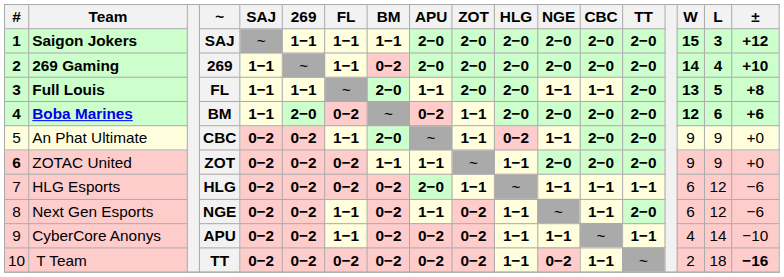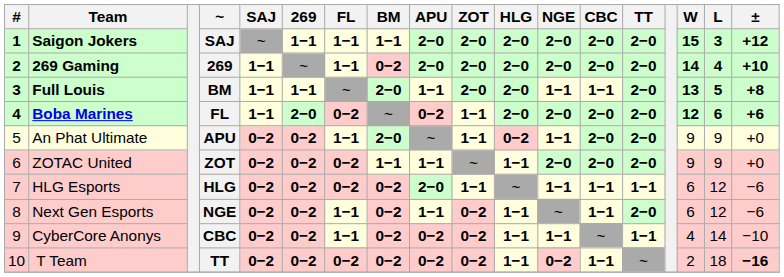 <table class="wikitable" style="font-size: 95%; text-align: center">
 <tr>
 <th style="width:15px;">#</th>
 <th style="width:150px;">Team</th>
 <th rowspan="11" style="width:5px;;"></th>
 <th>~</th>
 <th style="width:35px;" title="">SAJ</th>
 <th style="width:35px;" title="">269</th>
 <th style="width:35px;" title="">FL</th>
 <th style="width:35px;" title="">BM</th>
 <th style="width:35px;" title="">APU</th>
 <th style="width:35px;" title="">ZOT</th>
 <th style="width:35px;" title="">HLG</th>
 <th style="width:35px;" title="">NGE</th>
 <th style="width:35px;" title="">CBC</th>
 <th style="width:35px;" title="">TT</th>
 <th rowspan="11" style="width:5px;;"></th>
 <th style="width:20px;" title="Wins">W</th>
 <th style="width:20px;" title="Losses">L</th>
 <th style="width:40px;">±</th>
 </tr>
 <tr style="background:#cfc;">
 <td><strong>1</strong></td>
 <td style="text-align: left"><strong>Saigon Jokers</strong></td>
 <th>SAJ</th>
 <td style="background:#aaa;">~</td>
 <td style="background:#ffd;"><strong>1−1</strong></td>
 <td style="background:#ffd;"><strong>1−1</strong></td>
 <td style="background:#ffd;"><strong>1−1</strong></td>
 <td style="background:#cfc;"><strong>2−0</strong></td>
 <td style="background:#cfc;"><strong>2−0</strong></td>
 <td style="background:#cfc;"><strong>2−0</strong></td>
 <td style="background:#cfc;"><strong>2−0</strong></td>
 <td style="background:#cfc;"><strong>2−0</strong></td>
 <td style="background:#cfc;"><strong>2−0</strong></td>
 <td><strong>15</strong></td>
 <td><strong>3</strong></td>
 <td><strong>+12</strong></td>
 </tr>
 <tr style="background:#cfc;">
 <td><strong>2</strong></td>
 <td style="text-align: left"><strong>269 Gaming</strong></td>
 <th>269</th>
 <td style="background:#ffd;"><strong>1−1</strong></td>
 <td style="background:#aaa;">~</td>
 <td style="background:#ffd;"><strong>1−1</strong></td>
 <td style="background:#fcc;"><strong>0−2</strong></td>
 <td style="background:#cfc;"><strong>2−0</strong></td>
 <td style="background:#cfc;"><strong>2−0</strong></td>
 <td style="background:#cfc;"><strong>2−0</strong></td>
 <td style="background:#cfc;"><strong>2−0</strong></td>
 <td style="background:#cfc;"><strong>2−0</strong></td>
 <td style="background:#cfc;"><strong>2−0</strong></td>
 <td><strong>14</strong></td>
 <td><strong>4</strong></td>
 <td><strong>+10</strong></td>
 </tr>
 <tr style="background:#cfc;">
 <td><strong>3</strong></td>
 <td style="text-align: left"><strong>Full Louis</strong></td>
-<th>FL</th>
+<th>BM</th>
 <td style="background:#ffd;"><strong>1−1</strong></td>
 <td style="background:#ffd;"><strong>1−1</strong></td>
 <td style="background:#aaa;">~</td>
 <td style="background:#cfc;"><strong>2−0</strong></td>
 <td style="background:#ffd;"><strong>1−1</strong></td>
 <td style="background:#cfc;"><strong>2−0</strong></td>
 <td style="background:#cfc;"><strong>2−0</strong></td>
 <td style="background:#ffd;"><strong>1−1</strong></td>
 <td style="background:#ffd;"><strong>1−1</strong></td>
 <td style="background:#cfc;"><strong>2−0</strong></td>
 <td><strong>13</strong></td>
 <td><strong>5</strong></td>
 <td><strong>+8</strong></td>
 </tr>
 <tr style="background:#cfc;">
 <td><strong>4</strong></td>
 <td style="text-align: left"><strong><a href='#'>Boba Marines</a></strong></td>
-<th>BM</th>
+<th>FL</th>
 <td style="background:#ffd;"><strong>1−1</strong></td>
 <td style="background:#cfc;"><strong>2−0</strong></td>
 <td style="background:#fcc;"><strong>0−2</strong></td>
 <td style="background:#aaa;">~</td>
 <td style="background:#fcc;"><strong>0−2</strong></td>
 <td style="background:#ffd;"><strong>1−1</strong></td>
 <td style="background:#cfc;"><strong>2−0</strong></td>
 <td style="background:#cfc;"><strong>2−0</strong></td>
 <td style="background:#cfc;"><strong>2−0</strong></td>
 <td style="background:#cfc;"><strong>2−0</strong></td>
 <td><strong>12</strong></td>
 <td><strong>6</strong></td>
 <td><strong>+6</strong></td>
 </tr>
 <tr style="background:#ffd;">
 <td>5</td>
 <td style="text-align: left">An Phat Ultimate</td>
-<th>CBC</th>
+<th>APU</th>
 <td style="background:#fcc;"><strong>0−2</strong></td>
 <td style="background:#fcc;"><strong>0−2</strong></td>
 <td style="background:#ffd;"><strong>1−1</strong></td>
 <td style="background:#cfc;"><strong>2−0</strong></td>
 <td style="background:#aaa;">~</td>
 <td style="background:#ffd;"><strong>1−1</strong></td>
 <td style="background:#fcc;"><strong>0−2</strong></td>
 <td style="background:#ffd;"><strong>1−1</strong></td>
 <td style="background:#cfc;"><strong>2−0</strong></td>
 <td style="background:#cfc;"><strong>2−0</strong></td>
 <td>9</td>
 <td>9</td>
 <td>+0</td>
 </tr>
 <tr style="background:#fcc;">
-<td><strong>6</strong></td>
+<td>6</td>
 <td style="text-align: left">ZOTAC United</td>
 <th>ZOT</th>
 <td style="background:#fcc;"><strong>0−2</strong></td>
 <td style="background:#fcc;"><strong>0−2</strong></td>
 <td style="background:#fcc;"><strong>0−2</strong></td>
 <td style="background:#ffd;"><strong>1−1</strong></td>
 <td style="background:#ffd;"><strong>1−1</strong></td>
 <td style="background:#aaa;">~</td>
 <td style="background:#ffd;"><strong>1−1</strong></td>
 <td style="background:#cfc;"><strong>2−0</strong></td>
 <td style="background:#cfc;"><strong>2−0</strong></td>
 <td style="background:#cfc;"><strong>2−0</strong></td>
 <td>9</td>
 <td>9</td>
 <td>+0</td>
 </tr>
 <tr style="background:#fcc;">
 <td>7</td>
 <td style="text-align: left">HLG Esports</td>
 <th>HLG</th>
 <td style="background:#fcc;"><strong>0−2</strong></td>
 <td style="background:#fcc;"><strong>0−2</strong></td>
 <td style="background:#fcc;"><strong>0−2</strong></td>
 <td style="background:#fcc;"><strong>0−2</strong></td>
 <td style="background:#cfc;"><strong>2−0</strong></td>
 <td style="background:#ffd;"><strong>1−1</strong></td>
 <td style="background:#aaa;">~</td>
 <td style="background:#ffd;"><strong>1−1</strong></td>
 <td style="background:#ffd;"><strong>1−1</strong></td>
 <td style="background:#ffd;"><strong>1−1</strong></td>
 <td>6</td>
 <td>12</td>
 <td>−6</td>
 </tr>
 <tr style="background:#fcc;">
 <td>8</td>
 <td style="text-align: left">Next Gen Esports</td>
 <th>NGE</th>
 <td style="background:#fcc;"><strong>0−2</strong></td>
 <td style="background:#fcc;"><strong>0−2</strong></td>
 <td style="background:#ffd;"><strong>1−1</strong></td>
 <td style="background:#fcc;"><strong>0−2</strong></td>
 <td style="background:#ffd;"><strong>1−1</strong></td>
 <td style="background:#fcc;"><strong>0−2</strong></td>
 <td style="background:#ffd;"><strong>1−1</strong></td>
 <td style="background:#aaa;">~</td>
 <td style="background:#ffd;"><strong>1−1</strong></td>
 <td style="background:#cfc;"><strong>2−0</strong></td>
 <td>6</td>
 <td>12</td>
 <td>−6</td>
 </tr>
 <tr style="background:#fcc;">
 <td>9</td>
 <td style="text-align: left">⁠CyberCore Anonys</td>
-<th>APU</th>
+<th>CBC</th>
 <td style="background:#fcc;"><strong>0−2</strong></td>
 <td style="background:#fcc;"><strong>0−2</strong></td>
 <td style="background:#ffd;"><strong>1−1</strong></td>
 <td style="background:#fcc;"><strong>0−2</strong></td>
 <td style="background:#fcc;"><strong>0−2</strong></td>
 <td style="background:#fcc;"><strong>0−2</strong></td>
 <td style="background:#ffd;"><strong>1−1</strong></td>
 <td style="background:#ffd;"><strong>1−1</strong></td>
 <td style="background:#aaa;">~</td>
 <td style="background:#ffd;"><strong>1−1</strong></td>
 <td>4</td>
 <td>14</td>
 <td>−10</td>
 </tr>
 <tr style="background:#fcc;">
 <td>10</td>
 <td style="text-align: left">⁠ T Team</td>
 <th>TT</th>
 <td style="background:#fcc;"><strong>0−2</strong></td>
 <td style="background:#fcc;"><strong>0−2</strong></td>
 <td style="background:#fcc;"><strong>0−2</strong></td>
 <td style="background:#fcc;"><strong>0−2</strong></td>
 <td style="background:#fcc;"><strong>0−2</strong></td>
 <td style="background:#fcc;"><strong>0−2</strong></td>
 <td style="background:#ffd;"><strong>1−1</strong></td>
 <td style="background:#fcc;"><strong>0−2</strong></td>
 <td style="background:#ffd;"><strong>1−1</strong></td>
 <td style="background:#aaa;">~</td>
 <td>2</td>
 <td>18</td>
 <td><strong>−16</strong></td>
 </tr>
 <tr>
 </tr>
 </table>
